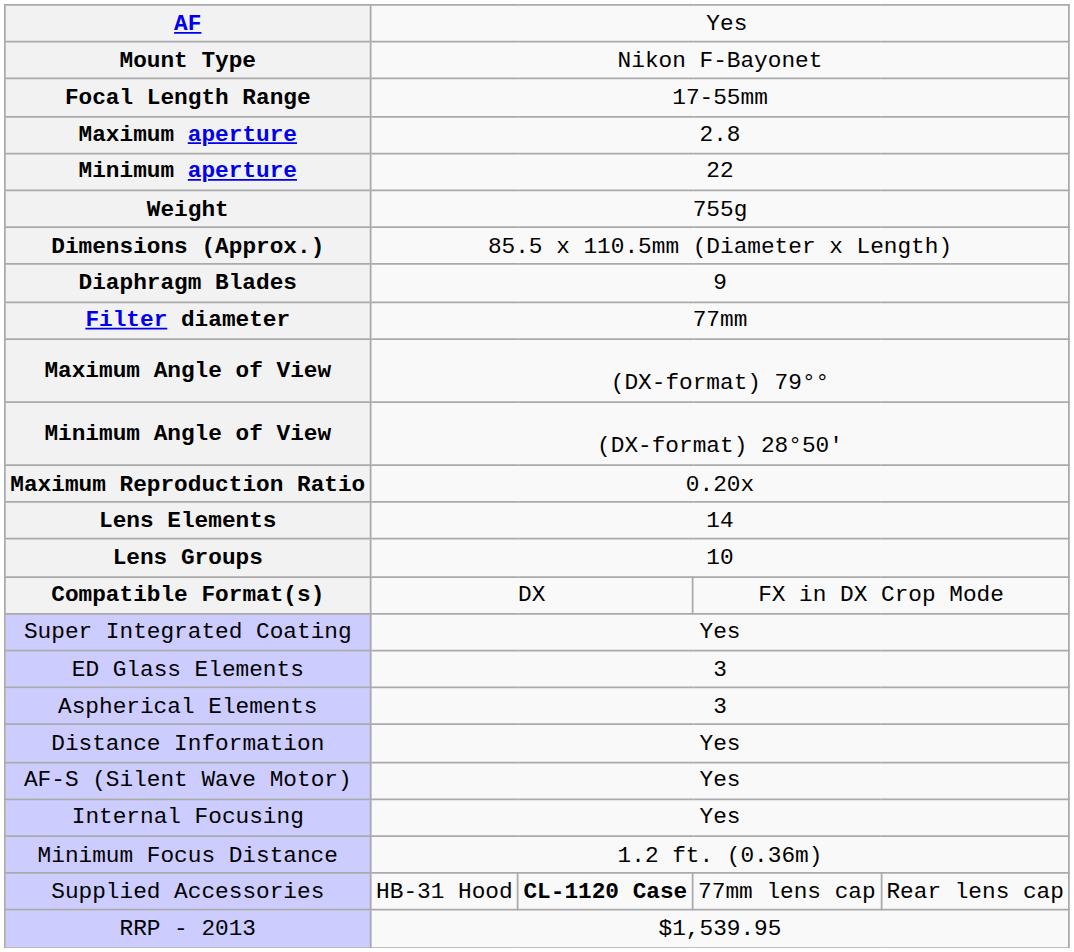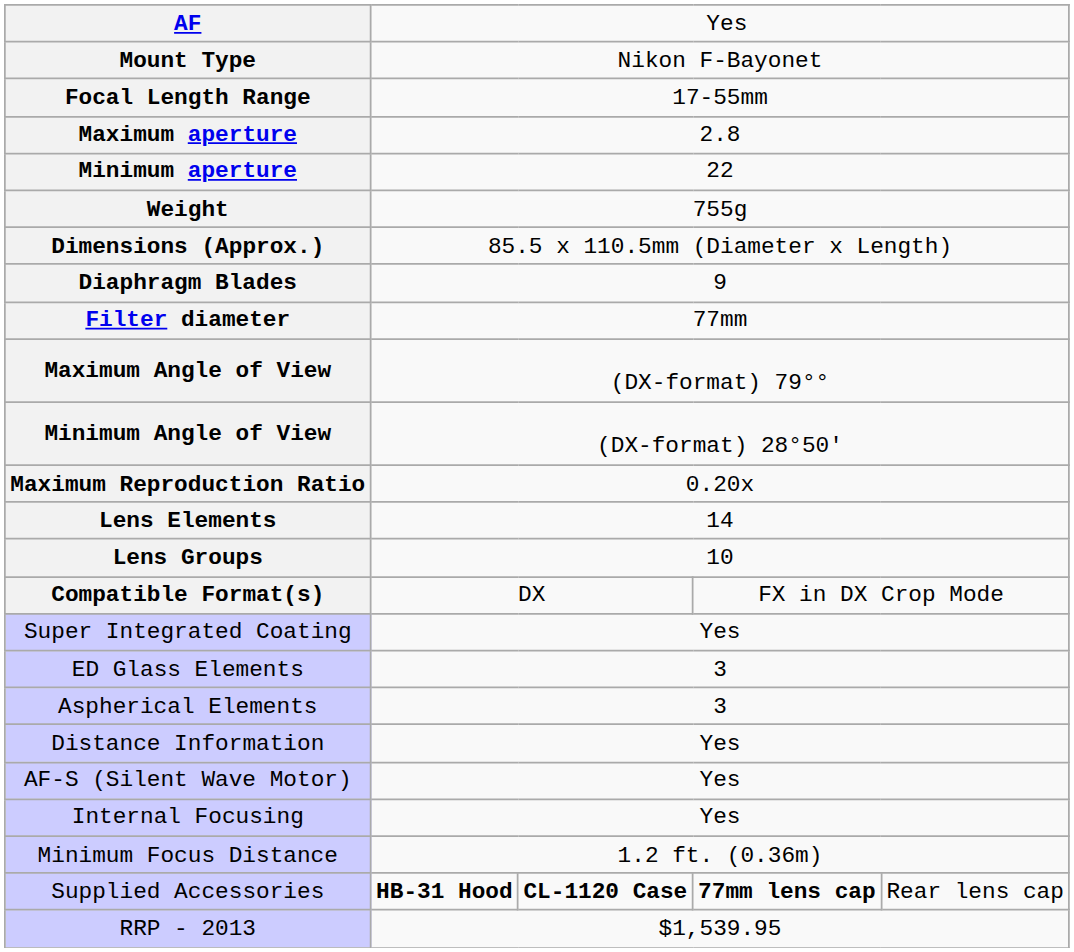 <table class="wikitable">
 <tr>
 <th bgcolor="#CCCCFF" align="center"><a href='#'>AF</a></th>
 <td align="center" colspan="5"> Yes</td>
 </tr>
 <tr>
 <th bgcolor="#CCCCFF" align="center">Mount Type</th>
 <td align="center" colspan="5">Nikon F-Bayonet</td>
 </tr>
 <tr>
 <th bgcolor="#CCCCFF" align="center">Focal Length Range</th>
 <td align="center" colspan="5">17-55mm</td>
 </tr>
 <tr>
 <th bgcolor="#CCCCFF" align="center">Maximum <a href='#'>aperture</a></th>
 <td align="center" colspan="5">2.8</td>
 </tr>
 <tr>
 <th bgcolor="#CCCCFF" align="center">Minimum <a href='#'>aperture</a></th>
 <td align="center" colspan="5">22</td>
 </tr>
 <tr>
 <th bgcolor="#CCCCFF" align="center">Weight</th>
 <td align="center" colspan="5">755g</td>
 </tr>
 <tr>
 <th bgcolor="#CCCCFF" align="center">Dimensions (Approx.)</th>
 <td align="center" colspan="5">85.5 x 110.5mm (Diameter x Length)</td>
 </tr>
 <tr>
 <th bgcolor="#CCCCFF" align="center">Diaphragm Blades</th>
 <td align="center" colspan="5">9</td>
 </tr>
 <tr>
 <th bgcolor="#CCCCFF" align="center"><a href='#'>Filter</a> diameter</th>
 <td align="center" colspan="5">77mm</td>
 </tr>
 <tr>
 <th bgcolor="#CCCCFF" align="center">Maximum Angle of View</th>
 <td align="center" colspan="5"><br>(DX-format) 79°°</td>
 </tr>
 <tr>
 <th bgcolor="#CCCCFF" align="center">Minimum Angle of View</th>
 <td align="center" colspan="5"><br>(DX-format) 28°50'</td>
 </tr>
 <tr>
 <th bgcolor="#CCCCFF" align="center">Maximum Reproduction Ratio</th>
 <td align="center" colspan="5">0.20x</td>
 </tr>
 <tr>
 <th bgcolor="#CCCCFF" align="center">Lens Elements</th>
 <td align="center" colspan="5">14</td>
 </tr>
 <tr>
 <th bgcolor="#CCCCFF" align="center">Lens Groups</th>
 <td align="center" colspan="5">10</td>
 </tr>
 <tr>
 <th bgcolor="#CCCCFF" align="center">Compatible Format(s)</th>
 <td align="center" colspan="2">DX</td>
 <td align="center" colspan="3">FX in DX Crop Mode</td>
 </tr>
 <tr>
 <td bgcolor="#CCCCFF" align="center">Super Integrated Coating</td>
 <td align="center" colspan="5">Yes</td>
 </tr>
 <tr>
 <td bgcolor="#CCCCFF" align="center">ED Glass Elements</td>
 <td align="center" colspan="5">3</td>
 </tr>
 <tr>
 <td bgcolor="#CCCCFF" align="center">Aspherical Elements</td>
 <td align="center" colspan="5">3</td>
 </tr>
 <tr>
 <td bgcolor="#CCCCFF" align="center">Distance Information</td>
 <td align="center" colspan="5">Yes</td>
 </tr>
 <tr>
 <td bgcolor="#CCCCFF" align="center">AF-S (Silent Wave Motor)</td>
 <td align="center" colspan="5">Yes</td>
 </tr>
 <tr>
 <td bgcolor="#CCCCFF" align="center">Internal Focusing</td>
 <td align="center" colspan="5">Yes</td>
 </tr>
 <tr>
 <td bgcolor="#CCCCFF" align="center">Minimum Focus Distance</td>
 <td align="center" colspan="5">1.2 ft. (0.36m)</td>
 </tr>
 <tr>
 <td bgcolor="#CCCCFF" align="center">Supplied Accessories</td>
-<td align="center">HB-31 Hood</td>
+<td align="center"><strong>HB-31 Hood</strong></td>
 <td align="center"><strong>CL-1120 Case</strong></td>
-<td align="center">77mm lens cap</td>
+<td align="center"><strong>77mm lens cap</strong></td>
 <td align="center" colspan="2">Rear lens cap</td>
 </tr>
 <tr>
 <td bgcolor="#CCCCFF" align="center">RRP - 2013</td>
 <td align="center" colspan="5">$1,539.95</td>
 </tr>
 </table>
